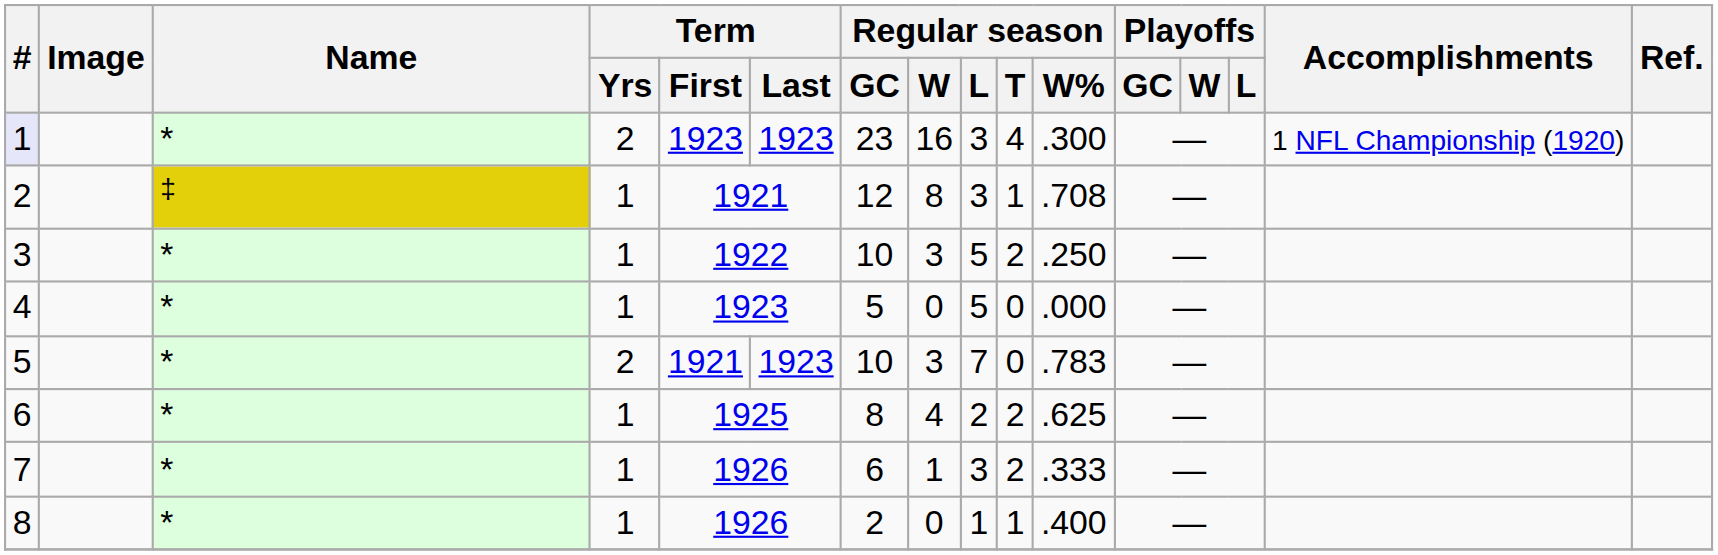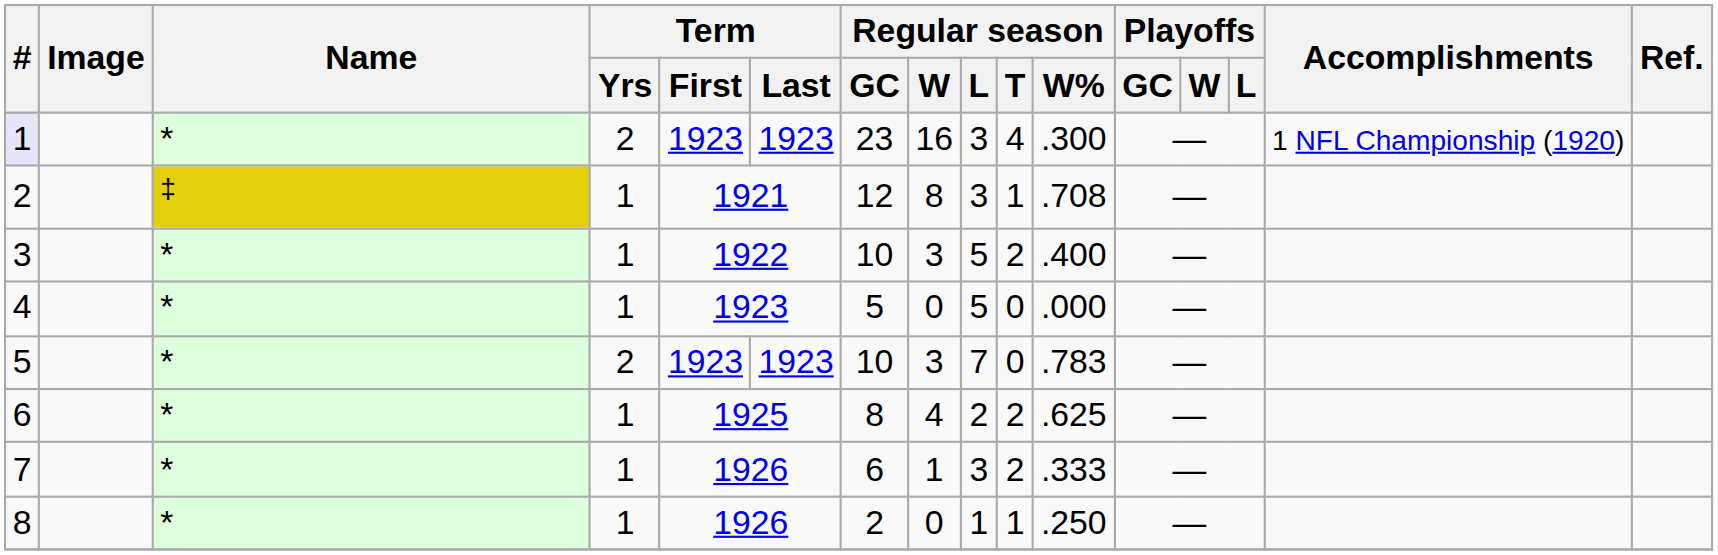 <table class="wikitable sortable" style="text-align:center;">
 <tr>
 <th rowspan="2" class="unsortable">#</th>
 <th rowspan="2" class="unsortable">Image</th>
 <th rowspan="2" width="200">Name</th>
 <th colspan="3">Term</th>
 <th colspan="5">Regular season</th>
 <th colspan="3">Playoffs</th>
 <th rowspan="2" class="unsortable">Accomplishments</th>
 <th rowspan="2" class="unsortable">Ref.</th>
 </tr>
 <tr>
 <th>Yrs</th>
 <th>First</th>
 <th>Last</th>
 <th>GC</th>
 <th>W</th>
 <th>L</th>
 <th>T</th>
 <th>W%</th>
 <th>GC</th>
 <th>W</th>
 <th>L</th>
 </tr>
 <tr>
 <td style="background: lavender;">1</td>
 <td></td>
 <td align="left" style="background-color:#ddffdd">*</td>
 <td>2</td>
 <td><a href='#'>1923</a></td>
 <td><a href='#'>1923</a></td>
 <td>23</td>
 <td>16</td>
 <td>3</td>
 <td>4</td>
 <td>.300</td>
 <td colspan="3">—</td>
 <td align="left"><small>1 <a href='#'>NFL Championship</a> (<a href='#'>1920</a>)<br></small></td>
 <td></td>
 </tr>
 <tr>
 <td>2</td>
 <td></td>
 <td align="left" style="background-color:#E4D00A"> <sup>‡</sup></td>
 <td>1</td>
 <td colspan="2"><a href='#'>1921</a></td>
 <td>12</td>
 <td>8</td>
 <td>3</td>
 <td>1</td>
 <td>.708</td>
 <td colspan="3">—</td>
 <td></td>
 <td></td>
 </tr>
 <tr>
 <td>3</td>
 <td></td>
 <td align="left" style="background-color:#ddffdd">*</td>
 <td>1</td>
 <td colspan="2"><a href='#'>1922</a></td>
 <td>10</td>
 <td>3</td>
 <td>5</td>
 <td>2</td>
-<td>.250</td>
+<td>.400</td>
 <td colspan="3">—</td>
 <td></td>
 <td></td>
 </tr>
 <tr>
 <td>4</td>
 <td></td>
 <td align="left" style="background-color:#ddffdd">*</td>
 <td>1</td>
 <td colspan="2"><a href='#'>1923</a></td>
 <td>5</td>
 <td>0</td>
 <td>5</td>
 <td>0</td>
 <td>.000</td>
 <td colspan="3">—</td>
 <td></td>
 <td></td>
 </tr>
 <tr>
 <td>5</td>
 <td></td>
 <td align="left" style="background-color:#ddffdd">*</td>
 <td>2</td>
-<td><a href='#'>1921</a></td>
+<td><a href='#'>1923</a></td>
 <td><a href='#'>1923</a></td>
 <td>10</td>
 <td>3</td>
 <td>7</td>
 <td>0</td>
 <td>.783</td>
 <td colspan="3">—</td>
 <td></td>
 <td></td>
 </tr>
 <tr>
 <td>6</td>
 <td></td>
 <td align="left" style="background-color:#ddffdd">*</td>
 <td>1</td>
 <td colspan="2"><a href='#'>1925</a></td>
 <td>8</td>
 <td>4</td>
 <td>2</td>
 <td>2</td>
 <td>.625</td>
 <td colspan="3">—</td>
 <td></td>
 <td></td>
 </tr>
 <tr>
 <td>7</td>
 <td></td>
 <td align="left" style="background-color:#ddffdd">*</td>
 <td>1</td>
 <td colspan="2"><a href='#'>1926</a></td>
 <td>6</td>
 <td>1</td>
 <td>3</td>
 <td>2</td>
 <td>.333</td>
 <td colspan="3">—</td>
 <td></td>
 <td></td>
 </tr>
 <tr>
 <td>8</td>
 <td></td>
 <td align="left" style="background-color:#ddffdd">*</td>
 <td>1</td>
 <td colspan="2"><a href='#'>1926</a></td>
 <td>2</td>
 <td>0</td>
 <td>1</td>
 <td>1</td>
-<td>.400</td>
+<td>.250</td>
 <td colspan="3">—</td>
 <td></td>
 <td></td>
 </tr>
 <tr>
 </tr>
 </table>
